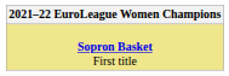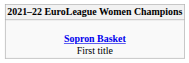 <table class=wikitable style="text-align:center; margin:auto">
 <tr>
 <th>2021–22 EuroLeague Women Champions</th>
 </tr>
 <tr>
-<td style="background: khaki;"> <br><strong><a href='#'>Sopron Basket</a></strong><br>First title</td>
+<td> <br><strong><a href='#'>Sopron Basket</a></strong><br>First title</td>
 </tr>
 </table>
